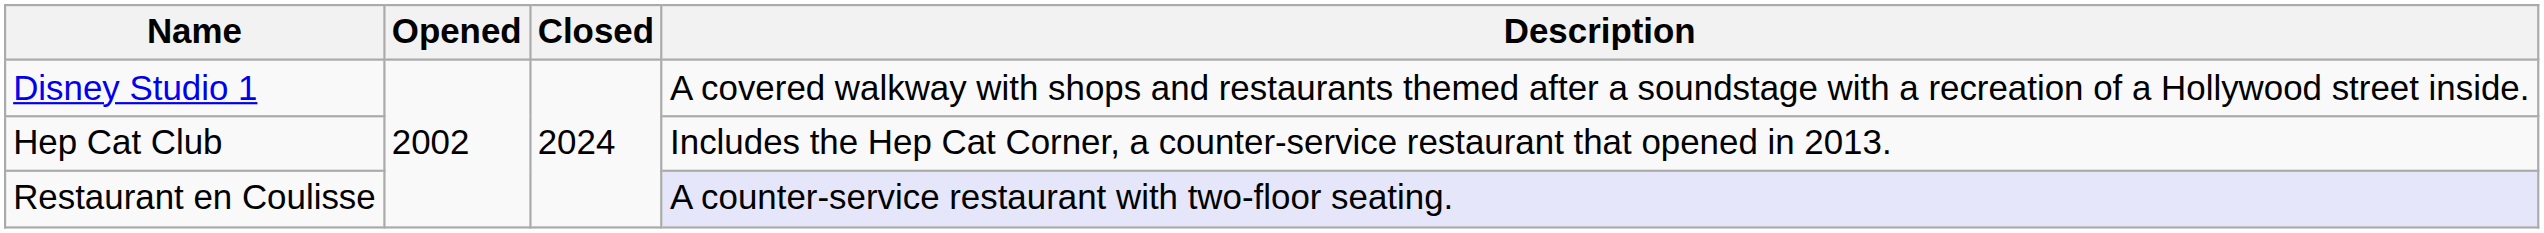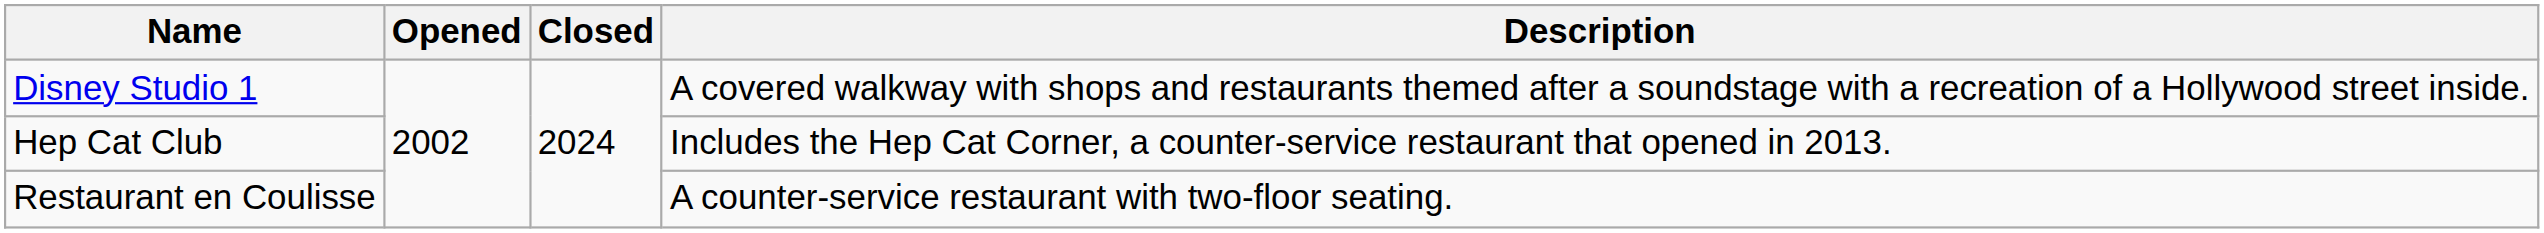 <table class="wikitable">
 <tr>
 <th>Name</th>
 <th>Opened</th>
 <th>Closed</th>
 <th>Description</th>
 </tr>
 <tr>
 <td><a href='#'>Disney Studio 1</a></td>
 <td rowspan="3">2002</td>
 <td rowspan="3">2024</td>
 <td>A covered walkway with shops and restaurants themed after a soundstage with a recreation of a Hollywood street inside.</td>
 </tr>
 <tr>
 <td>Hep Cat Club</td>
 <td>Includes the Hep Cat Corner, a counter-service restaurant that opened in 2013.</td>
 </tr>
 <tr>
 <td>Restaurant en Coulisse</td>
-<td style="background: lavender;">A counter-service restaurant with two-floor seating.</td>
+<td>A counter-service restaurant with two-floor seating.</td>
 </tr>
 </table>
